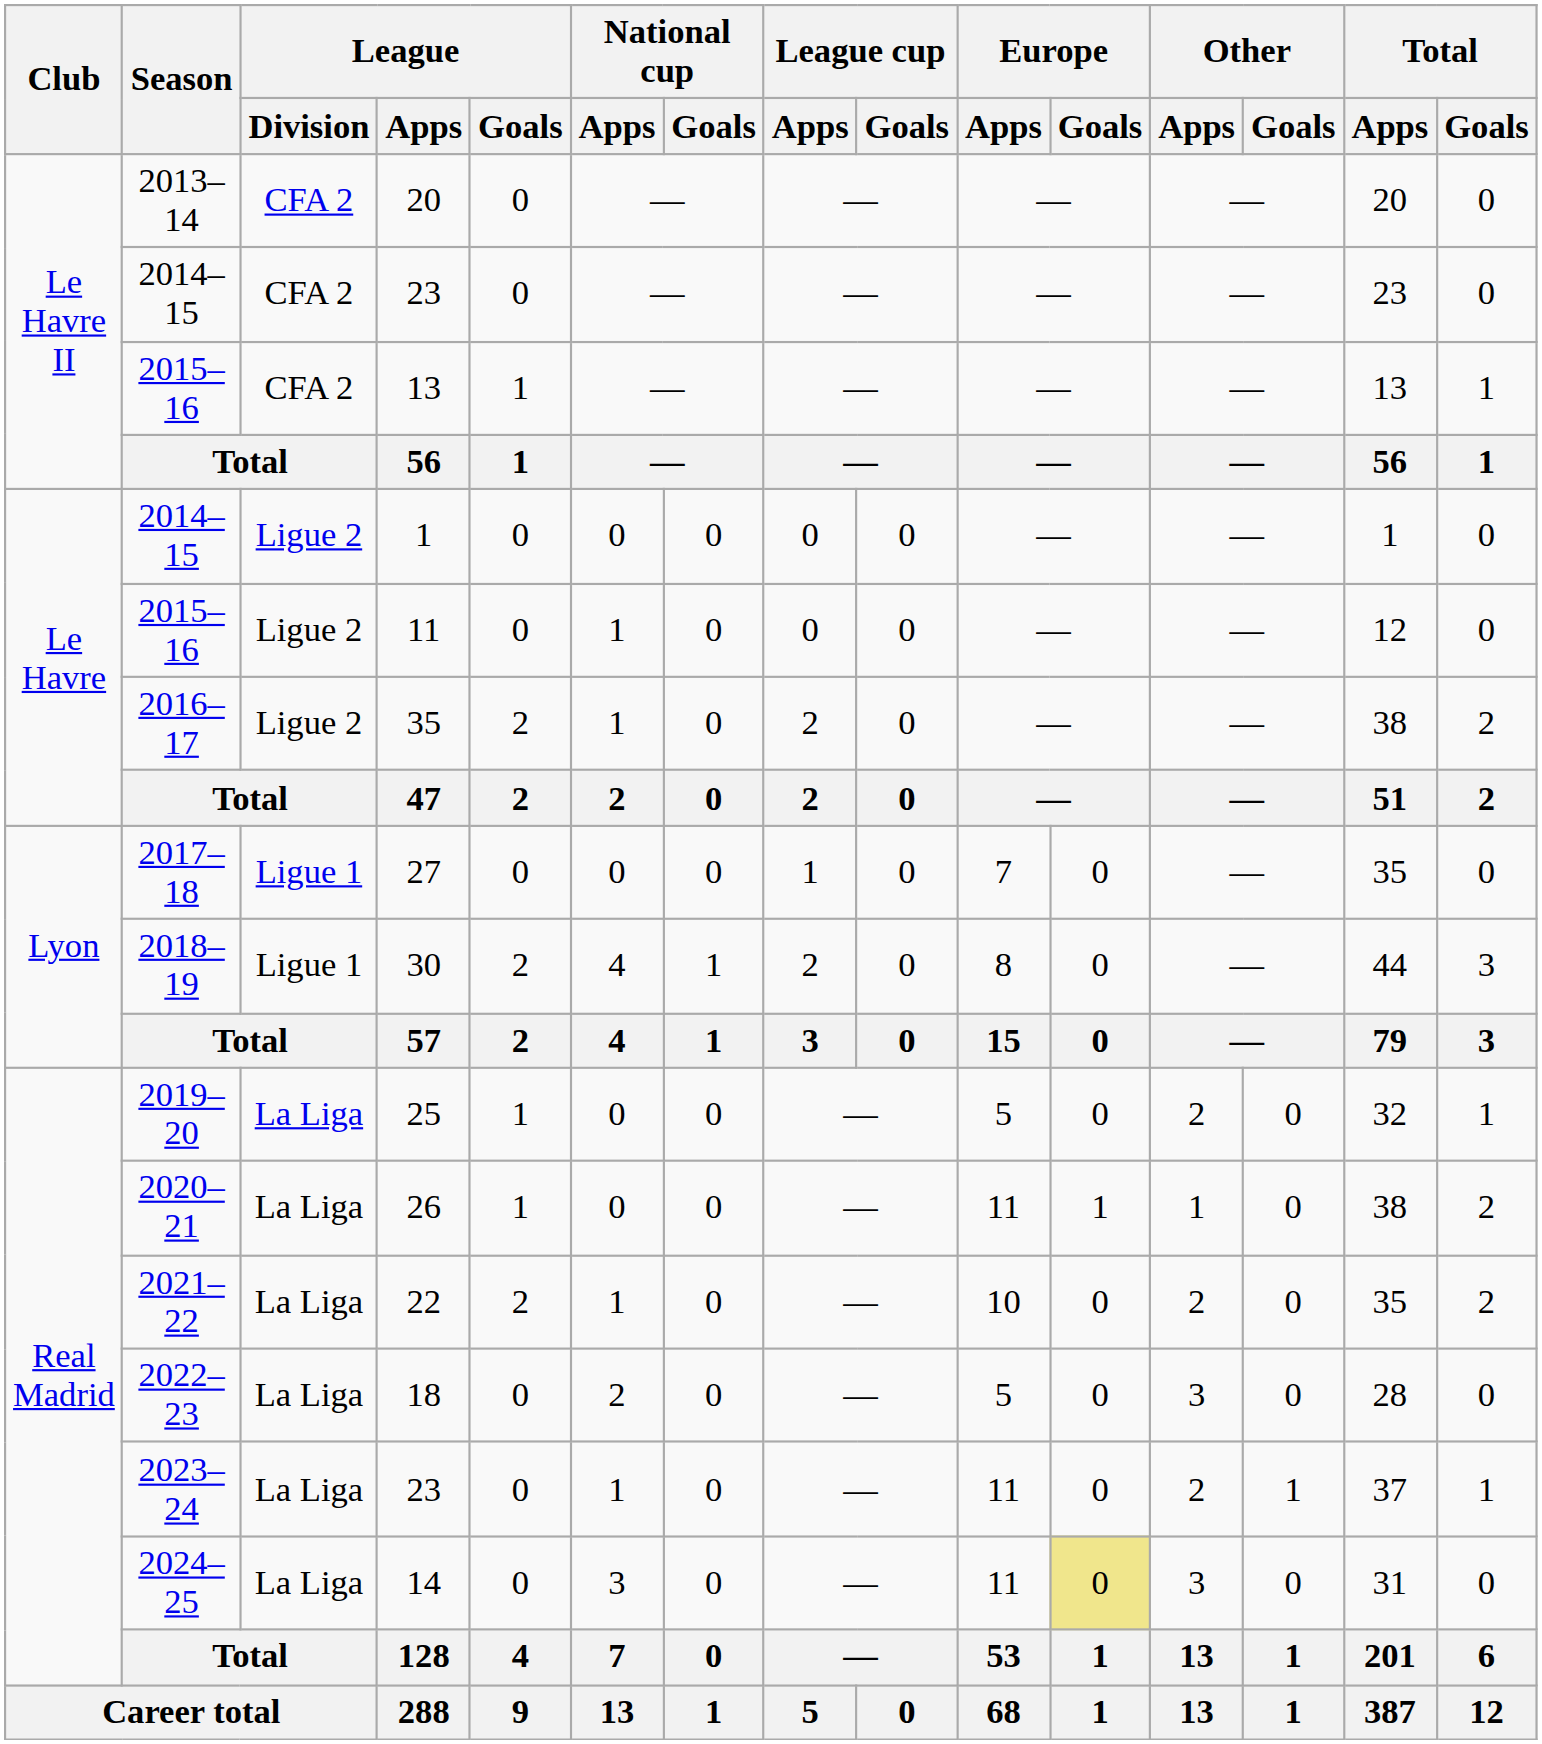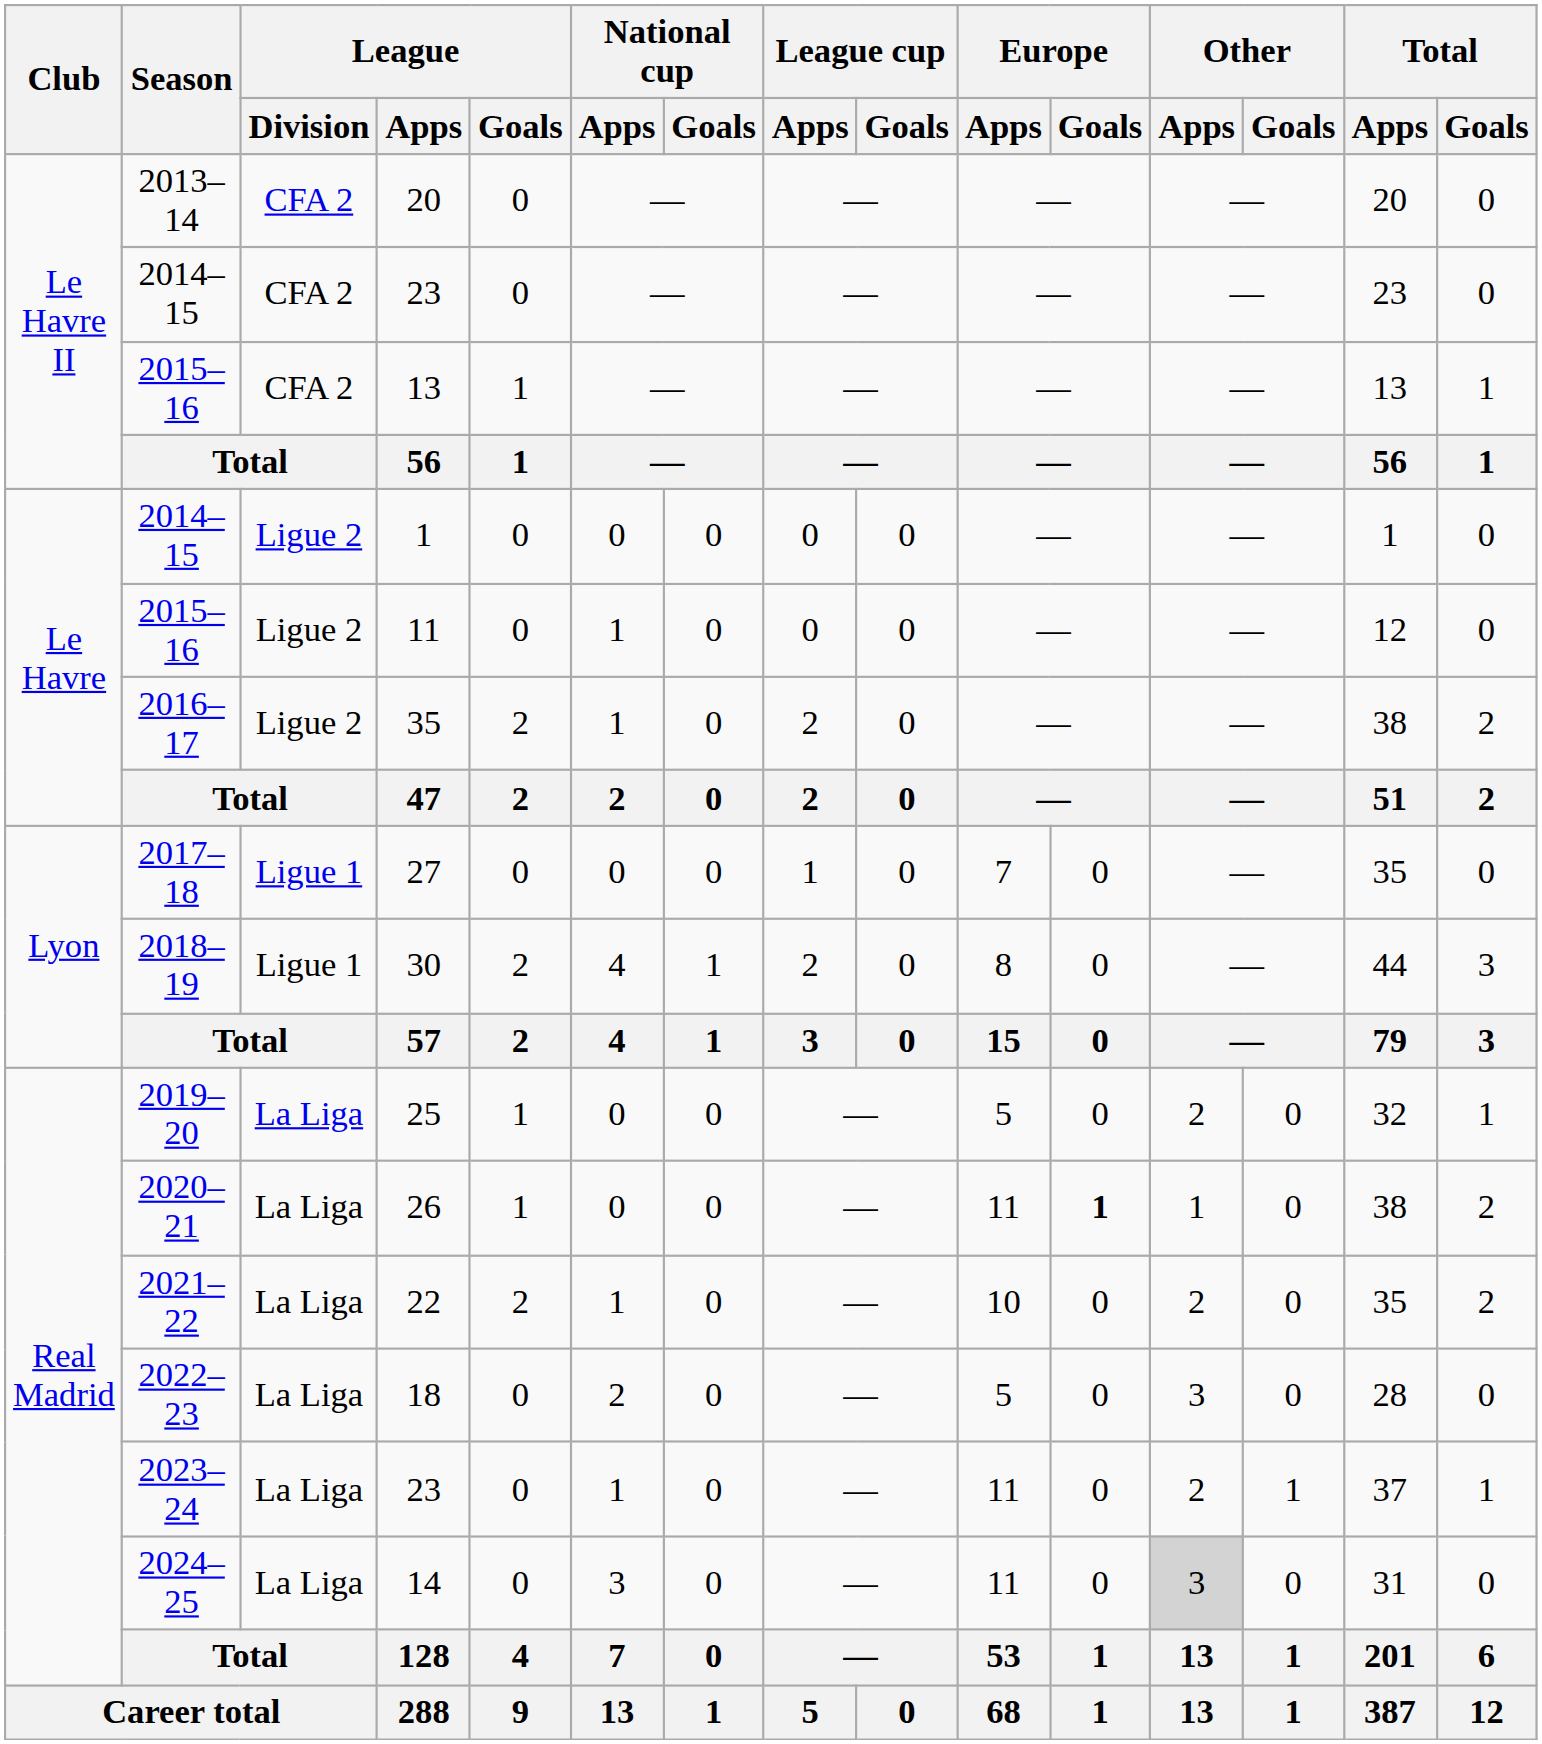 <table class="wikitable" style="text-align: center;">
 <tr>
 <th rowspan=2>Club</th>
 <th rowspan=2>Season</th>
 <th colspan=3>League</th>
 <th colspan=2>National cup</th>
 <th colspan=2>League cup</th>
 <th colspan=2>Europe</th>
 <th colspan=2>Other</th>
 <th colspan=2>Total</th>
 </tr>
 <tr>
 <th>Division</th>
 <th>Apps</th>
 <th>Goals</th>
 <th>Apps</th>
 <th>Goals</th>
 <th>Apps</th>
 <th>Goals</th>
 <th>Apps</th>
 <th>Goals</th>
 <th>Apps</th>
 <th>Goals</th>
 <th>Apps</th>
 <th>Goals</th>
 </tr>
 <tr>
 <td rowspan=4><a href='#'>Le Havre II</a></td>
 <td>2013–14</td>
 <td><a href='#'>CFA 2</a></td>
 <td>20</td>
 <td>0</td>
 <td colspan=2>—</td>
 <td colspan=2>—</td>
 <td colspan=2>—</td>
 <td colspan=2>—</td>
 <td>20</td>
 <td>0</td>
 </tr>
 <tr>
 <td>2014–15</td>
 <td>CFA 2</td>
 <td>23</td>
 <td>0</td>
 <td colspan=2>—</td>
 <td colspan=2>—</td>
 <td colspan=2>—</td>
 <td colspan=2>—</td>
 <td>23</td>
 <td>0</td>
 </tr>
 <tr>
 <td><a href='#'>2015–16</a></td>
 <td>CFA 2</td>
 <td>13</td>
 <td>1</td>
 <td colspan=2>—</td>
 <td colspan=2>—</td>
 <td colspan=2>—</td>
 <td colspan=2>—</td>
 <td>13</td>
 <td>1</td>
 </tr>
 <tr>
 <th colspan=2>Total</th>
 <th>56</th>
 <th>1</th>
 <th colspan=2>—</th>
 <th colspan=2>—</th>
 <th colspan=2>—</th>
 <th colspan=2>—</th>
 <th>56</th>
 <th>1</th>
 </tr>
 <tr>
 <td rowspan=4><a href='#'>Le Havre</a></td>
 <td><a href='#'>2014–15</a></td>
 <td><a href='#'>Ligue 2</a></td>
 <td>1</td>
 <td>0</td>
 <td>0</td>
 <td>0</td>
 <td>0</td>
 <td>0</td>
 <td colspan=2>—</td>
 <td colspan=2>—</td>
 <td>1</td>
 <td>0</td>
 </tr>
 <tr>
 <td><a href='#'>2015–16</a></td>
 <td>Ligue 2</td>
 <td>11</td>
 <td>0</td>
 <td>1</td>
 <td>0</td>
 <td>0</td>
 <td>0</td>
 <td colspan=2>—</td>
 <td colspan=2>—</td>
 <td>12</td>
 <td>0</td>
 </tr>
 <tr>
 <td><a href='#'>2016–17</a></td>
 <td>Ligue 2</td>
 <td>35</td>
 <td>2</td>
 <td>1</td>
 <td>0</td>
 <td>2</td>
 <td>0</td>
 <td colspan=2>—</td>
 <td colspan=2>—</td>
 <td>38</td>
 <td>2</td>
 </tr>
 <tr>
 <th colspan=2>Total</th>
 <th>47</th>
 <th>2</th>
 <th>2</th>
 <th>0</th>
 <th>2</th>
 <th>0</th>
 <th colspan=2>—</th>
 <th colspan=2>—</th>
 <th>51</th>
 <th>2</th>
 </tr>
 <tr>
 <td rowspan=3><a href='#'>Lyon</a></td>
 <td><a href='#'>2017–18</a></td>
 <td><a href='#'>Ligue 1</a></td>
 <td>27</td>
 <td>0</td>
 <td>0</td>
 <td>0</td>
 <td>1</td>
 <td>0</td>
 <td>7</td>
 <td>0</td>
 <td colspan=2>—</td>
 <td>35</td>
 <td>0</td>
 </tr>
 <tr>
 <td><a href='#'>2018–19</a></td>
 <td>Ligue 1</td>
 <td>30</td>
 <td>2</td>
 <td>4</td>
 <td>1</td>
 <td>2</td>
 <td>0</td>
 <td>8</td>
 <td>0</td>
 <td colspan=2>—</td>
 <td>44</td>
 <td>3</td>
 </tr>
 <tr>
 <th colspan=2>Total</th>
 <th>57</th>
 <th>2</th>
 <th>4</th>
 <th>1</th>
 <th>3</th>
 <th>0</th>
 <th>15</th>
 <th>0</th>
 <th colspan=2>—</th>
 <th>79</th>
 <th>3</th>
 </tr>
 <tr>
 <td rowspan=7><a href='#'>Real Madrid</a></td>
 <td><a href='#'>2019–20</a></td>
 <td><a href='#'>La Liga</a></td>
 <td>25</td>
 <td>1</td>
 <td>0</td>
 <td>0</td>
 <td colspan=2>—</td>
 <td>5</td>
 <td>0</td>
 <td>2</td>
 <td>0</td>
 <td>32</td>
 <td>1</td>
 </tr>
 <tr>
 <td><a href='#'>2020–21</a></td>
 <td>La Liga</td>
 <td>26</td>
 <td>1</td>
 <td>0</td>
 <td>0</td>
 <td colspan=2>—</td>
 <td>11</td>
-<td>1</td>
+<td><strong>1</strong></td>
 <td>1</td>
 <td>0</td>
 <td>38</td>
 <td>2</td>
 </tr>
 <tr>
 <td><a href='#'>2021–22</a></td>
 <td>La Liga</td>
 <td>22</td>
 <td>2</td>
 <td>1</td>
 <td>0</td>
 <td colspan=2>—</td>
 <td>10</td>
 <td>0</td>
 <td>2</td>
 <td>0</td>
 <td>35</td>
 <td>2</td>
 </tr>
 <tr>
 <td><a href='#'>2022–23</a></td>
 <td>La Liga</td>
 <td>18</td>
 <td>0</td>
 <td>2</td>
 <td>0</td>
 <td colspan=2>—</td>
 <td>5</td>
 <td>0</td>
 <td>3</td>
 <td>0</td>
 <td>28</td>
 <td>0</td>
 </tr>
 <tr>
 <td><a href='#'>2023–24</a></td>
 <td>La Liga</td>
 <td>23</td>
 <td>0</td>
 <td>1</td>
 <td>0</td>
 <td colspan=2>—</td>
 <td>11</td>
 <td>0</td>
 <td>2</td>
 <td>1</td>
 <td>37</td>
 <td>1</td>
 </tr>
 <tr>
 <td><a href='#'>2024–25</a></td>
 <td>La Liga</td>
 <td>14</td>
 <td>0</td>
 <td>3</td>
 <td>0</td>
 <td colspan=2>—</td>
 <td>11</td>
-<td style="background: khaki;">0</td>
-<td>3</td>
+<td>0</td>
+<td style="background: lightgrey;">3</td>
 <td>0</td>
 <td>31</td>
 <td>0</td>
 </tr>
 <tr>
 <th colspan=2>Total</th>
 <th>128</th>
 <th>4</th>
 <th>7</th>
 <th>0</th>
 <th colspan=2>—</th>
 <th>53</th>
 <th>1</th>
 <th>13</th>
 <th>1</th>
 <th>201</th>
 <th>6</th>
 </tr>
 <tr>
 <th colspan=3>Career total</th>
 <th>288</th>
 <th>9</th>
 <th>13</th>
 <th>1</th>
 <th>5</th>
 <th>0</th>
 <th>68</th>
 <th>1</th>
 <th>13</th>
 <th>1</th>
 <th>387</th>
 <th>12</th>
 </tr>
 </table>
